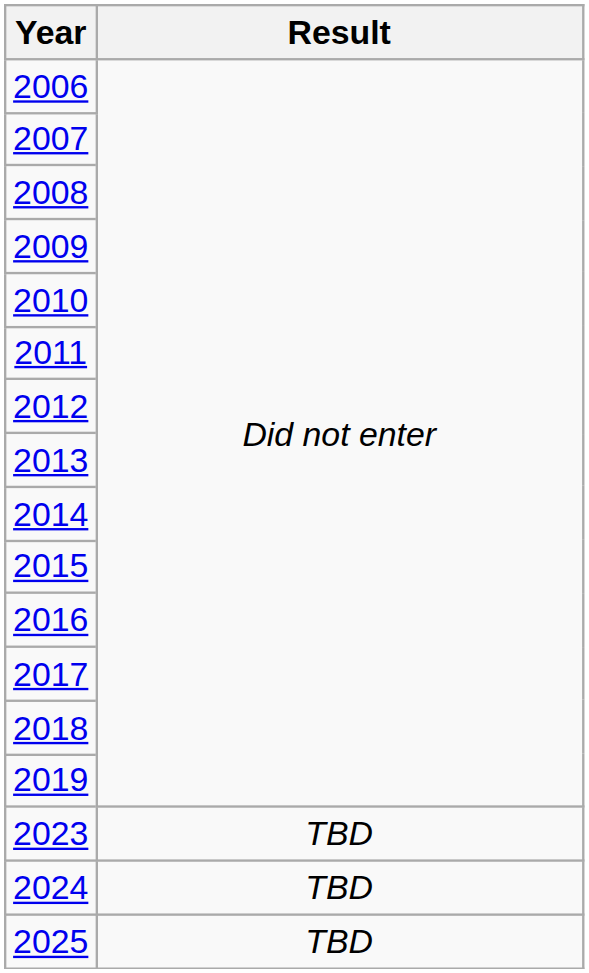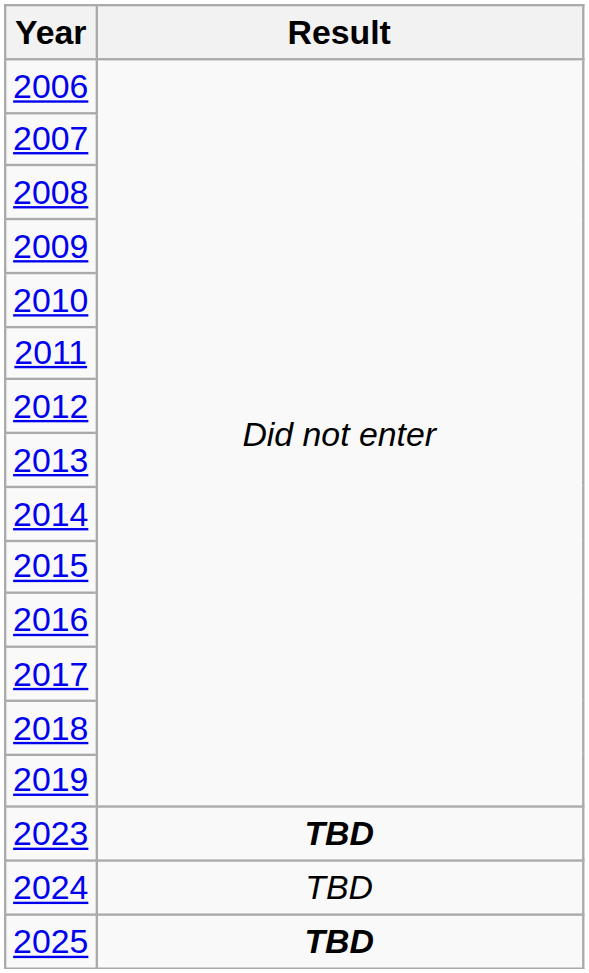 <table class="wikitable" style="text-align: center; font-size:90%">
 <tr>
 <th>Year</th>
 <th style="width:200px">Result</th>
 </tr>
 <tr>
 <td> <a href='#'>2006</a></td>
 <td rowspan="14"><em>Did not enter</em></td>
 </tr>
 <tr>
 <td> <a href='#'>2007</a></td>
 </tr>
 <tr>
 <td> <a href='#'>2008</a></td>
 </tr>
 <tr>
 <td> <a href='#'>2009</a></td>
 </tr>
 <tr>
 <td> <a href='#'>2010</a></td>
 </tr>
 <tr>
 <td> <a href='#'>2011</a></td>
 </tr>
 <tr>
 <td> <a href='#'>2012</a></td>
 </tr>
 <tr>
 <td> <a href='#'>2013</a></td>
 </tr>
 <tr>
 <td> <a href='#'>2014</a></td>
 </tr>
 <tr>
 <td> <a href='#'>2015</a></td>
 </tr>
 <tr>
 <td> <a href='#'>2016</a></td>
 </tr>
 <tr>
 <td> <a href='#'>2017</a></td>
 </tr>
 <tr>
 <td> <a href='#'>2018</a></td>
 </tr>
 <tr>
 <td> <a href='#'>2019</a></td>
 </tr>
 <tr>
 <td> <a href='#'>2023</a></td>
-<td><em>TBD</em></td>
+<td><strong><em>TBD</em></strong></td>
 </tr>
 <tr>
 <td> <a href='#'>2024</a></td>
 <td><em>TBD</em></td>
 </tr>
 <tr>
 <td> <a href='#'>2025</a></td>
-<td><em>TBD</em></td>
+<td><strong><em>TBD</em></strong></td>
 </tr>
 </table>
